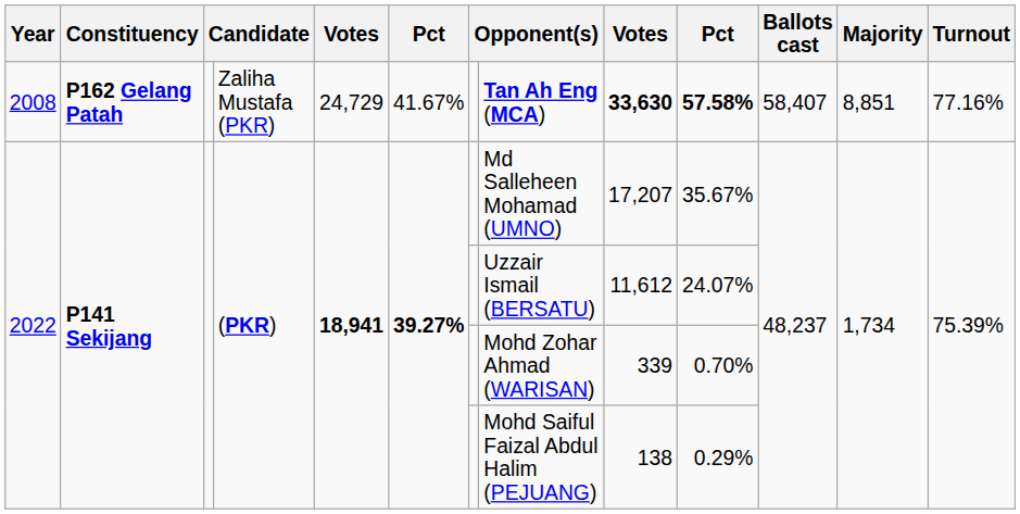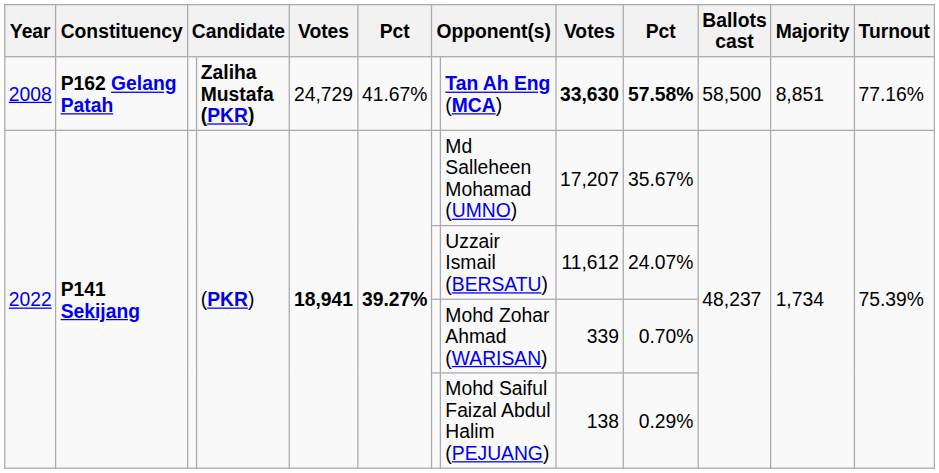 <table class="wikitable" style="margin:0.5em ; font-size:95%">
 <tr>
 <th>Year</th>
 <th>Constituency</th>
 <th colspan=2>Candidate</th>
 <th>Votes</th>
 <th>Pct</th>
 <th colspan=2>Opponent(s)</th>
 <th>Votes</th>
 <th>Pct</th>
 <th>Ballots cast</th>
 <th>Majority</th>
 <th>Turnout</th>
 </tr>
 <tr>
 <td><a href='#'>2008</a></td>
 <td><strong>P162 <a href='#'>Gelang Patah</a></strong></td>
 <td></td>
-<td>Zaliha Mustafa (<a href='#'>PKR</a>)</td>
+<td><strong>Zaliha Mustafa (<a href='#'>PKR</a>)</strong></td>
 <td align="right">24,729</td>
 <td>41.67%</td>
 <td></td>
 <td><strong><a href='#'>Tan Ah Eng</a></strong>  (<a href='#'><strong>MCA</strong></a>)</td>
 <td align="right"><strong>33,630</strong></td>
 <td><strong>57.58%</strong></td>
-<td>58,407</td>
+<td>58,500</td>
 <td>8,851</td>
 <td>77.16%</td>
 </tr>
 <tr>
 <td rowspan="4"><a href='#'>2022</a></td>
 <td rowspan="4"><strong>P141 <a href='#'>Sekijang</a></strong></td>
 <td rowspan="4" ></td>
 <td rowspan="4"> (<a href='#'><strong>PKR</strong></a>)</td>
 <td rowspan="4" align="right"><strong>18,941</strong></td>
 <td rowspan="4"><strong>39.27%</strong></td>
 <td></td>
 <td>Md Salleheen Mohamad (<a href='#'>UMNO</a>)</td>
 <td align="right">17,207</td>
 <td>35.67%</td>
 <td rowspan="4">48,237</td>
 <td rowspan="4">1,734</td>
 <td rowspan="4">75.39%</td>
 </tr>
 <tr>
 <td bgcolor=></td>
 <td>Uzzair Ismail (<a href='#'>BERSATU</a>)</td>
 <td align="right">11,612</td>
 <td>24.07%</td>
 </tr>
 <tr>
 <td></td>
 <td>Mohd Zohar Ahmad (<a href='#'>WARISAN</a>)</td>
 <td align="right">339</td>
 <td align="right">0.70%</td>
 </tr>
 <tr>
 <td></td>
 <td>Mohd Saiful Faizal Abdul Halim (<a href='#'>PEJUANG</a>)</td>
 <td align="right">138</td>
 <td align="right">0.29%</td>
 </tr>
 </table>
